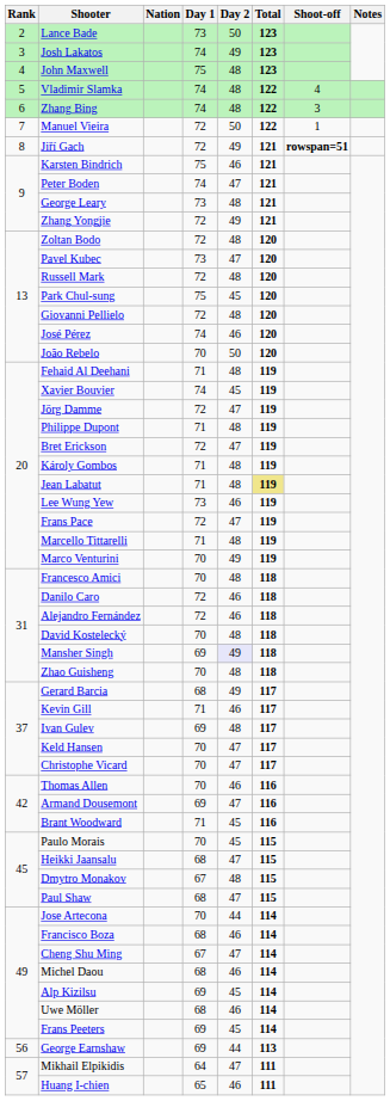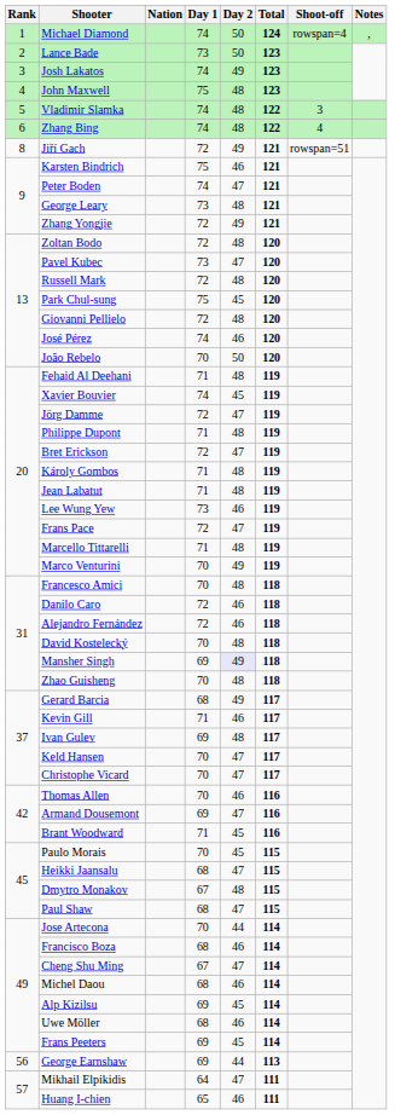 <table class="wikitable sortable" style="text-align: center">
 <tr>
 <th>Rank</th>
 <th>Shooter</th>
 <th>Nation</th>
 <th>Day 1</th>
 <th>Day 2</th>
 <th>Total</th>
 <th>Shoot-off</th>
 <th>Notes</th>
+</tr>
+<tr bgcolor=#bbf3bb>
+<td>1</td>
+<td align=left><a href='#'>Michael Diamond</a></td>
+<td align=left></td>
+<td>74</td>
+<td>50</td>
+<td><strong>124</strong></td>
+<td>rowspan=4 </td>
+<td>, </td>
 </tr>
 <tr bgcolor=#bbf3bb>
 <td>2</td>
 <td align=left><a href='#'>Lance Bade</a></td>
 <td align=left></td>
 <td>73</td>
 <td>50</td>
 <td><strong>123</strong></td>
 <td></td>
 </tr>
 <tr bgcolor=#bbf3bb>
 <td>3</td>
 <td align=left><a href='#'>Josh Lakatos</a></td>
 <td align=left></td>
 <td>74</td>
 <td>49</td>
 <td><strong>123</strong></td>
 <td></td>
 </tr>
 <tr bgcolor=#bbf3bb>
 <td>4</td>
 <td align=left><a href='#'>John Maxwell</a></td>
 <td align=left></td>
 <td>75</td>
 <td>48</td>
 <td><strong>123</strong></td>
 <td></td>
 </tr>
 <tr bgcolor=#bbf3bb>
 <td>5</td>
 <td align=left><a href='#'>Vladimir Slamka</a></td>
 <td align=left></td>
 <td>74</td>
 <td>48</td>
 <td><strong>122</strong></td>
-<td>4</td>
+<td>3</td>
 <td></td>
 </tr>
 <tr bgcolor=#bbf3bb>
 <td>6</td>
 <td align=left><a href='#'>Zhang Bing</a></td>
 <td align=left></td>
 <td>74</td>
 <td>48</td>
 <td><strong>122</strong></td>
-<td>3</td>
-<td></td>
-</tr>
-<tr>
-<td>7</td>
-<td align=left><a href='#'>Manuel Vieira</a></td>
-<td align=left></td>
-<td>72</td>
-<td>50</td>
-<td><strong>122</strong></td>
-<td>1</td>
+<td>4</td>
 <td></td>
 </tr>
 <tr>
 <td>8</td>
 <td align=left><a href='#'>Jiří Gach</a></td>
 <td align=left></td>
 <td>72</td>
 <td>49</td>
 <td><strong>121</strong></td>
-<td><strong>rowspan=51 </strong></td>
+<td>rowspan=51 </td>
 <td></td>
 </tr>
 <tr>
 <td rowspan=4>9</td>
 <td align=left><a href='#'>Karsten Bindrich</a></td>
 <td align=left></td>
 <td>75</td>
 <td>46</td>
 <td><strong>121</strong></td>
 <td></td>
 </tr>
 <tr>
 <td align=left><a href='#'>Peter Boden</a></td>
 <td align=left></td>
 <td>74</td>
 <td>47</td>
 <td><strong>121</strong></td>
 <td></td>
 </tr>
 <tr>
 <td align=left><a href='#'>George Leary</a></td>
 <td align=left></td>
 <td>73</td>
 <td>48</td>
 <td><strong>121</strong></td>
 <td></td>
 </tr>
 <tr>
 <td align=left><a href='#'>Zhang Yongjie</a></td>
 <td align=left></td>
 <td>72</td>
 <td>49</td>
 <td><strong>121</strong></td>
 <td></td>
 </tr>
 <tr>
 <td rowspan=7>13</td>
 <td align=left><a href='#'>Zoltan Bodo</a></td>
 <td align=left></td>
 <td>72</td>
 <td>48</td>
 <td><strong>120</strong></td>
 <td></td>
 </tr>
 <tr>
 <td align=left><a href='#'>Pavel Kubec</a></td>
 <td align=left></td>
 <td>73</td>
 <td>47</td>
 <td><strong>120</strong></td>
 <td></td>
 </tr>
 <tr>
 <td align=left><a href='#'>Russell Mark</a></td>
 <td align=left></td>
 <td>72</td>
 <td>48</td>
 <td><strong>120</strong></td>
 <td></td>
 </tr>
 <tr>
 <td align=left><a href='#'>Park Chul-sung</a></td>
 <td align=left></td>
 <td>75</td>
 <td>45</td>
 <td><strong>120</strong></td>
 <td></td>
 </tr>
 <tr>
 <td align=left><a href='#'>Giovanni Pellielo</a></td>
 <td align=left></td>
 <td>72</td>
 <td>48</td>
 <td><strong>120</strong></td>
 <td></td>
 </tr>
 <tr>
 <td align=left><a href='#'>José Pérez</a></td>
 <td align=left></td>
 <td>74</td>
 <td>46</td>
 <td><strong>120</strong></td>
 <td></td>
 </tr>
 <tr>
 <td align=left><a href='#'>João Rebelo</a></td>
 <td align=left></td>
 <td>70</td>
 <td>50</td>
 <td><strong>120</strong></td>
 <td></td>
 </tr>
 <tr>
 <td rowspan=11>20</td>
 <td align=left><a href='#'>Fehaid Al Deehani</a></td>
 <td align=left></td>
 <td>71</td>
 <td>48</td>
 <td><strong>119</strong></td>
 <td></td>
 </tr>
 <tr>
 <td align=left><a href='#'>Xavier Bouvier</a></td>
 <td align=left></td>
 <td>74</td>
 <td>45</td>
 <td><strong>119</strong></td>
 <td></td>
 </tr>
 <tr>
 <td align=left><a href='#'>Jörg Damme</a></td>
 <td align=left></td>
 <td>72</td>
 <td>47</td>
 <td><strong>119</strong></td>
 <td></td>
 </tr>
 <tr>
 <td align=left><a href='#'>Philippe Dupont</a></td>
 <td align=left></td>
 <td>71</td>
 <td>48</td>
 <td><strong>119</strong></td>
 <td></td>
 </tr>
 <tr>
 <td align=left><a href='#'>Bret Erickson</a></td>
 <td align=left></td>
 <td>72</td>
 <td>47</td>
 <td><strong>119</strong></td>
 <td></td>
 </tr>
 <tr>
 <td align=left><a href='#'>Károly Gombos</a></td>
 <td align=left></td>
 <td>71</td>
 <td>48</td>
 <td><strong>119</strong></td>
 <td></td>
 </tr>
 <tr>
 <td align=left><a href='#'>Jean Labatut</a></td>
 <td align=left></td>
 <td>71</td>
 <td>48</td>
-<td style="background: khaki;"><strong>119</strong></td>
+<td><strong>119</strong></td>
 <td></td>
 </tr>
 <tr>
 <td align=left><a href='#'>Lee Wung Yew</a></td>
 <td align=left></td>
 <td>73</td>
 <td>46</td>
 <td><strong>119</strong></td>
 <td></td>
 </tr>
 <tr>
 <td align=left><a href='#'>Frans Pace</a></td>
 <td align=left></td>
 <td>72</td>
 <td>47</td>
 <td><strong>119</strong></td>
 <td></td>
 </tr>
 <tr>
 <td align=left><a href='#'>Marcello Tittarelli</a></td>
 <td align=left></td>
 <td>71</td>
 <td>48</td>
 <td><strong>119</strong></td>
 <td></td>
 </tr>
 <tr>
 <td align=left><a href='#'>Marco Venturini</a></td>
 <td align=left></td>
 <td>70</td>
 <td>49</td>
 <td><strong>119</strong></td>
 <td></td>
 </tr>
 <tr>
 <td rowspan=6>31</td>
 <td align=left><a href='#'>Francesco Amici</a></td>
 <td align=left></td>
 <td>70</td>
 <td>48</td>
 <td><strong>118</strong></td>
 <td></td>
 </tr>
 <tr>
 <td align=left><a href='#'>Danilo Caro</a></td>
 <td align=left></td>
 <td>72</td>
 <td>46</td>
 <td><strong>118</strong></td>
 <td></td>
 </tr>
 <tr>
 <td align=left><a href='#'>Alejandro Fernández</a></td>
 <td align=left></td>
 <td>72</td>
 <td>46</td>
 <td><strong>118</strong></td>
 <td></td>
 </tr>
 <tr>
 <td align=left><a href='#'>David Kostelecký</a></td>
 <td align=left></td>
 <td>70</td>
 <td>48</td>
 <td><strong>118</strong></td>
 <td></td>
 </tr>
 <tr>
 <td align=left><a href='#'>Mansher Singh</a></td>
 <td align=left></td>
 <td>69</td>
 <td style="background: lavender;">49</td>
 <td><strong>118</strong></td>
 <td></td>
 </tr>
 <tr>
 <td align=left><a href='#'>Zhao Guisheng</a></td>
 <td align=left></td>
 <td>70</td>
 <td>48</td>
 <td><strong>118</strong></td>
 <td></td>
 </tr>
 <tr>
 <td rowspan=5>37</td>
 <td align=left><a href='#'>Gerard Barcia</a></td>
 <td align=left></td>
 <td>68</td>
 <td>49</td>
 <td><strong>117</strong></td>
 <td></td>
 </tr>
 <tr>
 <td align=left><a href='#'>Kevin Gill</a></td>
 <td align=left></td>
 <td>71</td>
 <td>46</td>
 <td><strong>117</strong></td>
 <td></td>
 </tr>
 <tr>
 <td align=left><a href='#'>Ivan Gulev</a></td>
 <td align=left></td>
 <td>69</td>
 <td>48</td>
 <td><strong>117</strong></td>
 <td></td>
 </tr>
 <tr>
 <td align=left><a href='#'>Keld Hansen</a></td>
 <td align=left></td>
 <td>70</td>
 <td>47</td>
 <td><strong>117</strong></td>
 <td></td>
 </tr>
 <tr>
 <td align=left><a href='#'>Christophe Vicard</a></td>
 <td align=left></td>
 <td>70</td>
 <td>47</td>
 <td><strong>117</strong></td>
 <td></td>
 </tr>
 <tr>
 <td rowspan=3>42</td>
 <td align=left><a href='#'>Thomas Allen</a></td>
 <td align=left></td>
 <td>70</td>
 <td>46</td>
 <td><strong>116</strong></td>
 <td></td>
 </tr>
 <tr>
 <td align=left><a href='#'>Armand Dousemont</a></td>
 <td align=left></td>
 <td>69</td>
 <td>47</td>
 <td><strong>116</strong></td>
 <td></td>
 </tr>
 <tr>
 <td align=left><a href='#'>Brant Woodward</a></td>
 <td align=left></td>
 <td>71</td>
 <td>45</td>
 <td><strong>116</strong></td>
 <td></td>
 </tr>
 <tr>
 <td rowspan=4>45</td>
 <td align=left>Paulo Morais</td>
 <td align=left></td>
 <td>70</td>
 <td>45</td>
 <td><strong>115</strong></td>
 <td></td>
 </tr>
 <tr>
 <td align=left><a href='#'>Heikki Jaansalu</a></td>
 <td align=left></td>
 <td>68</td>
 <td>47</td>
 <td><strong>115</strong></td>
 <td></td>
 </tr>
 <tr>
 <td align=left><a href='#'>Dmytro Monakov</a></td>
 <td align=left></td>
 <td>67</td>
 <td>48</td>
 <td><strong>115</strong></td>
 <td></td>
 </tr>
 <tr>
 <td align=left><a href='#'>Paul Shaw</a></td>
 <td align=left></td>
 <td>68</td>
 <td>47</td>
 <td><strong>115</strong></td>
 <td></td>
 </tr>
 <tr>
 <td rowspan=7>49</td>
 <td align=left><a href='#'>Jose Artecona</a></td>
 <td align=left></td>
 <td>70</td>
 <td>44</td>
 <td><strong>114</strong></td>
 <td></td>
 </tr>
 <tr>
 <td align=left><a href='#'>Francisco Boza</a></td>
 <td align=left></td>
 <td>68</td>
 <td>46</td>
 <td><strong>114</strong></td>
 <td></td>
 </tr>
 <tr>
 <td align=left><a href='#'>Cheng Shu Ming</a></td>
 <td align=left></td>
 <td>67</td>
 <td>47</td>
 <td><strong>114</strong></td>
 <td></td>
 </tr>
 <tr>
 <td align=left>Michel Daou</td>
 <td align=left></td>
 <td>68</td>
 <td>46</td>
 <td><strong>114</strong></td>
 <td></td>
 </tr>
 <tr>
 <td align=left><a href='#'>Alp Kizilsu</a></td>
 <td align=left></td>
 <td>69</td>
 <td>45</td>
 <td><strong>114</strong></td>
 <td></td>
 </tr>
 <tr>
 <td align=left>Uwe Möller</td>
 <td align=left></td>
 <td>68</td>
 <td>46</td>
 <td><strong>114</strong></td>
 <td></td>
 </tr>
 <tr>
 <td align=left><a href='#'>Frans Peeters</a></td>
 <td align=left></td>
 <td>69</td>
 <td>45</td>
 <td><strong>114</strong></td>
 <td></td>
 </tr>
 <tr>
 <td>56</td>
 <td align=left><a href='#'>George Earnshaw</a></td>
 <td align=left></td>
 <td>69</td>
 <td>44</td>
 <td><strong>113</strong></td>
 <td></td>
 </tr>
 <tr>
 <td rowspan=2>57</td>
 <td align=left>Mikhail Elpikidis</td>
 <td align=left></td>
 <td>64</td>
 <td>47</td>
 <td><strong>111</strong></td>
 <td></td>
 </tr>
 <tr>
 <td align=left><a href='#'>Huang I-chien</a></td>
 <td align=left></td>
 <td>65</td>
 <td>46</td>
 <td><strong>111</strong></td>
 <td></td>
 </tr>
 </table>
